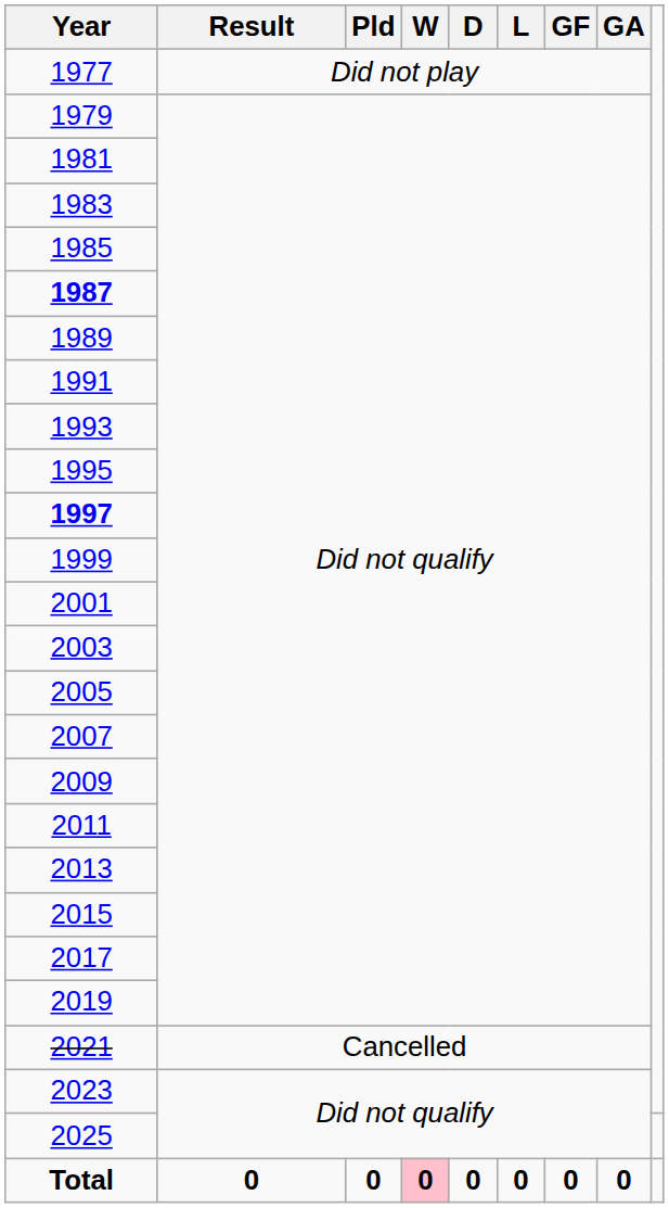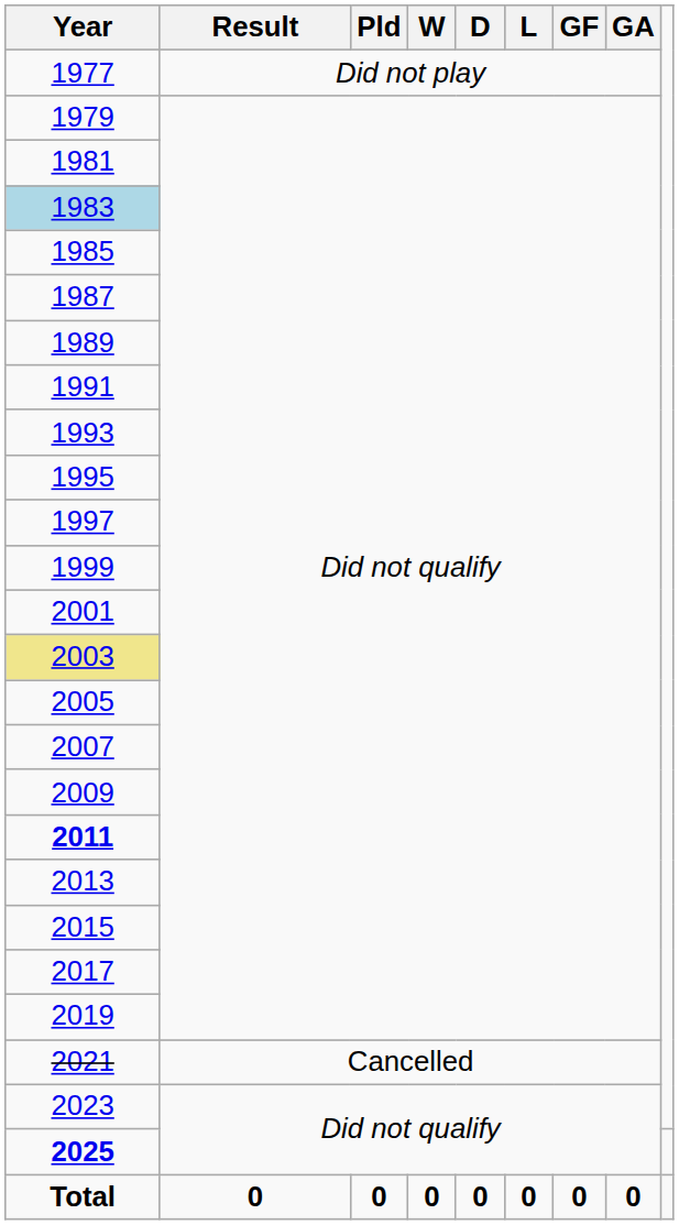 <table class="wikitable" style="text-align: center">
 <tr>
 <th width=80>Year</th>
 <th width=100>Result</th>
 <th width=20>Pld</th>
 <th width=20>W</th>
 <th width=20>D</th>
 <th width=20>L</th>
 <th width=20>GF</th>
 <th width=20>GA</th>
 </tr>
 <tr>
 <td> <a href='#'>1977</a></td>
 <td colspan=7><em>Did not play</em></td>
 </tr>
 <tr>
 <td> <a href='#'>1979</a></td>
 <td rowspan=21 colspan=7><em>Did not qualify</em></td>
 </tr>
 <tr>
 <td> <a href='#'>1981</a></td>
 </tr>
 <tr>
-<td> <a href='#'>1983</a></td>
+<td style="background: lightblue;"> <a href='#'>1983</a></td>
 </tr>
 <tr>
 <td> <a href='#'>1985</a></td>
 </tr>
 <tr>
-<td><strong> <a href='#'>1987</a></strong></td>
+<td> <a href='#'>1987</a></td>
 </tr>
 <tr>
 <td> <a href='#'>1989</a></td>
 </tr>
 <tr>
 <td> <a href='#'>1991</a></td>
 </tr>
 <tr>
 <td> <a href='#'>1993</a></td>
 </tr>
 <tr>
 <td> <a href='#'>1995</a></td>
 </tr>
 <tr>
-<td><strong> <a href='#'>1997</a></strong></td>
+<td> <a href='#'>1997</a></td>
 </tr>
 <tr>
 <td> <a href='#'>1999</a></td>
 </tr>
 <tr>
 <td> <a href='#'>2001</a></td>
 </tr>
 <tr>
-<td> <a href='#'>2003</a></td>
+<td style="background: khaki;"> <a href='#'>2003</a></td>
 </tr>
 <tr>
 <td> <a href='#'>2005</a></td>
 </tr>
 <tr>
 <td> <a href='#'>2007</a></td>
 </tr>
 <tr>
 <td> <a href='#'>2009</a></td>
 </tr>
 <tr>
-<td> <a href='#'>2011</a></td>
+<td><strong> <a href='#'>2011</a></strong></td>
 </tr>
 <tr>
 <td> <a href='#'>2013</a></td>
 </tr>
 <tr>
 <td> <a href='#'>2015</a></td>
 </tr>
 <tr>
 <td> <a href='#'>2017</a></td>
 </tr>
 <tr>
 <td> <a href='#'>2019</a></td>
 </tr>
 <tr>
 <td> <s><a href='#'>2021</a></s></td>
 <td colspan=7>Cancelled</td>
 </tr>
 <tr>
 <td> <a href='#'>2023</a></td>
 <td colspan=7 rowspan=2><em>Did not qualify</em></td>
 </tr>
 <tr>
-<td> <a href='#'>2025</a></td>
+<td><strong> <a href='#'>2025</a></strong></td>
 <td></td>
 </tr>
 <tr>
 <td><strong>Total</strong></td>
 <td><strong>0</strong></td>
 <td><strong>0</strong></td>
-<td style="background: pink;"><strong>0</strong></td>
+<td><strong>0</strong></td>
 <td><strong>0</strong></td>
 <td><strong>0</strong></td>
 <td><strong>0</strong></td>
 <td><strong>0</strong></td>
 </tr>
 </table>
